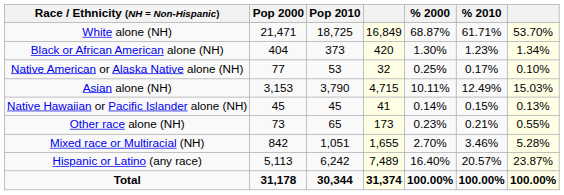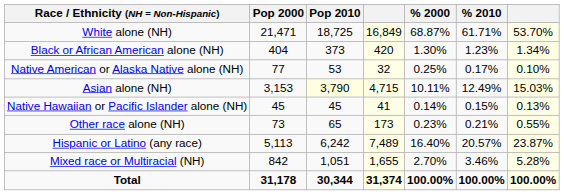 <table class="wikitable" style="text-align:center;">
 <tr>
 <th>Race / Ethnicity <small>(<em>NH = Non-Hispanic</em>)</small></th>
 <th>Pop 2000</th>
 <th>Pop 2010</th>
 <th></th>
 <th>% 2000</th>
 <th>% 2010</th>
 <th></th>
 </tr>
 <tr>
 <td><a href='#'>White</a> alone (NH)</td>
 <td>21,471</td>
 <td>18,725</td>
 <td style='background: #ffffe6;'>16,849</td>
 <td>68.87%</td>
 <td>61.71%</td>
 <td style='background: #ffffe6;'>53.70%</td>
 </tr>
 <tr>
 <td><a href='#'>Black or African American</a> alone (NH)</td>
 <td>404</td>
 <td>373</td>
 <td style='background: #ffffe6;'>420</td>
 <td>1.30%</td>
 <td>1.23%</td>
 <td style='background: #ffffe6;'>1.34%</td>
 </tr>
 <tr>
 <td><a href='#'>Native American</a> or <a href='#'>Alaska Native</a> alone (NH)</td>
 <td>77</td>
 <td>53</td>
 <td style='background: #ffffe6;'>32</td>
 <td>0.25%</td>
 <td>0.17%</td>
 <td style='background: #ffffe6;'>0.10%</td>
 </tr>
 <tr>
 <td><a href='#'>Asian</a> alone (NH)</td>
 <td>3,153</td>
-<td>3,790</td>
+<td style="background: lightyellow;">3,790</td>
 <td style='background: #ffffe6;'>4,715</td>
 <td>10.11%</td>
 <td>12.49%</td>
 <td style='background: #ffffe6;'>15.03%</td>
 </tr>
 <tr>
 <td><a href='#'>Native Hawaiian</a> or <a href='#'>Pacific Islander</a> alone (NH)</td>
 <td>45</td>
 <td>45</td>
 <td style='background: #ffffe6;'>41</td>
 <td>0.14%</td>
 <td>0.15%</td>
 <td style='background: #ffffe6;'>0.13%</td>
 </tr>
 <tr>
 <td><a href='#'>Other race</a> alone (NH)</td>
 <td>73</td>
 <td>65</td>
 <td style='background: #ffffe6;'>173</td>
 <td>0.23%</td>
 <td>0.21%</td>
 <td style='background: #ffffe6;'>0.55%</td>
 </tr>
 <tr>
+<td><a href='#'>Hispanic or Latino</a> (any race)</td>
+<td>5,113</td>
+<td>6,242</td>
+<td style='background: #ffffe6;'>7,489</td>
+<td>16.40%</td>
+<td>20.57%</td>
+<td style='background: #ffffe6;'>23.87%</td>
+</tr>
+<tr>
 <td><a href='#'>Mixed race or Multiracial</a> (NH)</td>
 <td>842</td>
 <td>1,051</td>
 <td style='background: #ffffe6;'>1,655</td>
 <td>2.70%</td>
 <td>3.46%</td>
 <td style='background: #ffffe6;'>5.28%</td>
-</tr>
-<tr>
-<td><a href='#'>Hispanic or Latino</a> (any race)</td>
-<td>5,113</td>
-<td>6,242</td>
-<td style='background: #ffffe6;'>7,489</td>
-<td>16.40%</td>
-<td>20.57%</td>
-<td style='background: #ffffe6;'>23.87%</td>
 </tr>
 <tr>
 <td><strong>Total</strong></td>
 <td><strong>31,178</strong></td>
 <td><strong>30,344 </strong></td>
 <td style='background: #ffffe6;'><strong>31,374</strong></td>
 <td><strong>100.00%</strong></td>
 <td><strong>100.00%</strong></td>
 <td style='background: #ffffe6;'><strong>100.00%</strong></td>
 </tr>
 </table>
